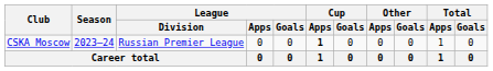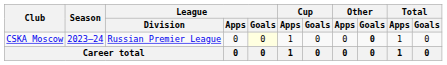 <table class="wikitable" style="text-align:center">
 <tr>
 <th rowspan=2>Club</th>
 <th rowspan=2>Season</th>
 <th colspan=3>League</th>
 <th colspan=2>Cup</th>
 <th colspan=2>Other</th>
 <th colspan=2>Total</th>
 </tr>
 <tr>
 <th>Division</th>
 <th>Apps</th>
 <th>Goals</th>
 <th>Apps</th>
 <th>Goals</th>
 <th>Apps</th>
 <th>Goals</th>
 <th>Apps</th>
 <th>Goals</th>
 </tr>
 <tr>
 <td><a href='#'>CSKA Moscow</a></td>
 <td><a href='#'>2023–24</a></td>
 <td><a href='#'>Russian Premier League</a></td>
 <td>0</td>
-<td>0</td>
-<td><strong>1</strong></td>
+<td style="background: lightyellow;">0</td>
+<td>1</td>
 <td>0</td>
 <td>0</td>
-<td>0</td>
+<td><strong>0</strong></td>
 <td>1</td>
 <td>0</td>
 </tr>
 <tr>
 <th colspan="3">Career total</th>
 <th>0</th>
 <th>0</th>
 <th>1</th>
 <th>0</th>
 <th>0</th>
 <th>0</th>
 <th>1</th>
 <th>0</th>
 </tr>
 </table>
